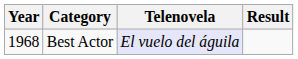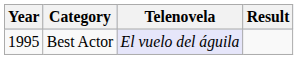 <table class="wikitable">
 <tr style="background:#b0c4de;">
 <th>Year</th>
 <th>Category</th>
 <th>Telenovela</th>
 <th>Result</th>
 </tr>
 <tr>
-<td>1968</td>
+<td>1995</td>
 <td>Best Actor</td>
 <td style="background: lavender;"><em>El vuelo del águila</em></td>
 <td></td>
 </tr>
 </table>
